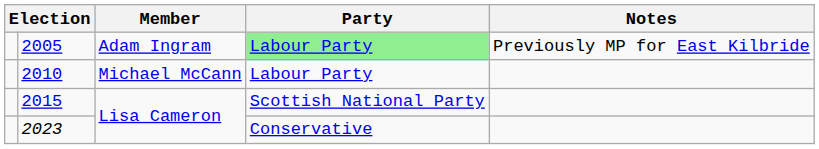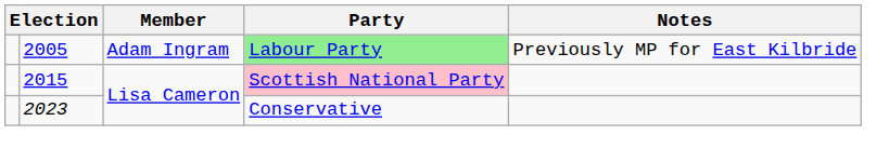 <table class="wikitable">
 <tr>
 <th colspan="2">Election</th>
 <th>Member</th>
 <th>Party</th>
 <th>Notes</th>
 </tr>
 <tr>
 <td style="color:inherit;background-color: "></td>
 <td><a href='#'>2005</a></td>
 <td><a href='#'>Adam Ingram</a></td>
 <td style="background: lightgreen;"><a href='#'>Labour Party</a></td>
 <td>Previously MP for <a href='#'>East Kilbride</a></td>
 </tr>
 <tr>
 <td style="color:inherit;background-color: "></td>
-<td><a href='#'>2010</a></td>
-<td><a href='#'>Michael McCann</a></td>
-<td><a href='#'>Labour Party</a></td>
-<td></td>
-</tr>
-<tr>
-<td style="color:inherit;background-color: "></td>
 <td><a href='#'>2015</a></td>
 <td rowspan="2"><a href='#'>Lisa Cameron</a></td>
-<td><a href='#'>Scottish National Party</a></td>
+<td style="background: pink;"><a href='#'>Scottish National Party</a></td>
 <td></td>
 </tr>
 <tr>
 <td style="color:inherit;background-color: "></td>
 <td><em>2023</em></td>
 <td><a href='#'>Conservative</a></td>
 <td></td>
 </tr>
 </table>
